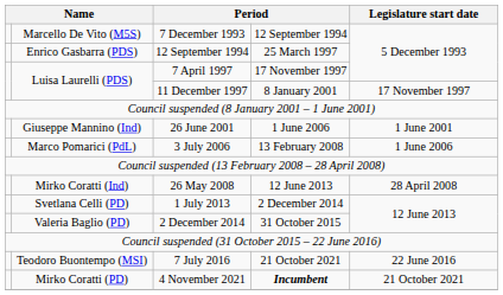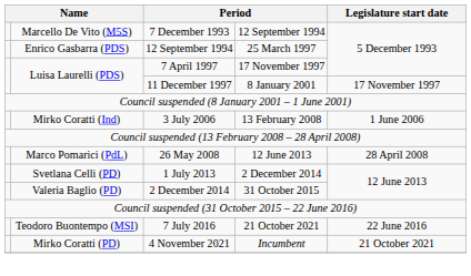 <table class="wikitable">
 <tr>
 <th width="30%" colspan=2>Name</th>
 <th width="40%" colspan=2>Period</th>
 <th width="30%">Legislature start date</th>
 </tr>
 <tr align=center>
 <td style="background:"></td>
 <td>Marcello De Vito (<a href='#'>M5S</a>)</td>
 <td>7 December 1993</td>
 <td>12 September 1994</td>
 <td rowspan=3>5 December 1993</td>
 </tr>
 <tr align=center>
 <td style="background:"></td>
 <td>Enrico Gasbarra (<a href='#'>PDS</a>)</td>
 <td>12 September 1994</td>
 <td>25 March 1997</td>
 </tr>
 <tr align=center>
 <td rowspan=2 style="background:"></td>
 <td rowspan=2>Luisa Laurelli (<a href='#'>PDS</a>)</td>
 <td>7 April 1997</td>
 <td>17 November 1997</td>
 </tr>
 <tr align=center>
 <td>11 December 1997</td>
 <td>8 January 2001</td>
 <td>17 November 1997</td>
 </tr>
 <tr align=center>
 <td colspan=5><em>Council suspended (8 January 2001 – 1 June 2001)</em></td>
 </tr>
 <tr align=center>
 <td style="background:"></td>
-<td>Giuseppe Mannino (<a href='#'>Ind</a>)</td>
-<td>26 June 2001</td>
-<td>1 June 2006</td>
-<td>1 June 2001</td>
-</tr>
-<tr align=center>
-<td style="background:"></td>
-<td>Marco Pomarici (<a href='#'>PdL</a>)</td>
+<td>Mirko Coratti (<a href='#'>Ind</a>)</td>
 <td>3 July 2006</td>
 <td>13 February 2008</td>
 <td>1 June 2006</td>
 </tr>
 <tr align=center>
 <td colspan=5><em>Council suspended (13 February 2008 – 28 April 2008)</em></td>
 </tr>
 <tr align=center>
 <td style="background:"></td>
-<td>Mirko Coratti (<a href='#'>Ind</a>)</td>
+<td>Marco Pomarici (<a href='#'>PdL</a>)</td>
 <td>26 May 2008</td>
 <td>12 June 2013</td>
 <td>28 April 2008</td>
 </tr>
 <tr align=center>
 <td style="background:"></td>
 <td>Svetlana Celli (<a href='#'>PD</a>)</td>
 <td>1 July 2013</td>
 <td>2 December 2014</td>
 <td rowspan=2>12 June 2013</td>
 </tr>
 <tr align=center>
 <td style="background:"></td>
 <td>Valeria Baglio (<a href='#'>PD</a>)</td>
 <td>2 December 2014</td>
 <td>31 October 2015</td>
 </tr>
 <tr align=center>
 <td colspan=5><em>Council suspended (31 October 2015 – 22 June 2016)</em></td>
 </tr>
 <tr align=center>
 <td style="background:"></td>
 <td>Teodoro Buontempo (<a href='#'>MSI</a>)</td>
 <td>7 July 2016</td>
 <td>21 October 2021</td>
 <td>22 June 2016</td>
 </tr>
 <tr align=center>
 <td style="background:"></td>
 <td>Mirko Coratti (<a href='#'>PD</a>)</td>
 <td>4 November 2021</td>
-<td><strong><em>Incumbent</em></strong></td>
+<td><em>Incumbent</em></td>
 <td>21 October 2021</td>
 </tr>
 <tr align=center>
 </tr>
 </table>
